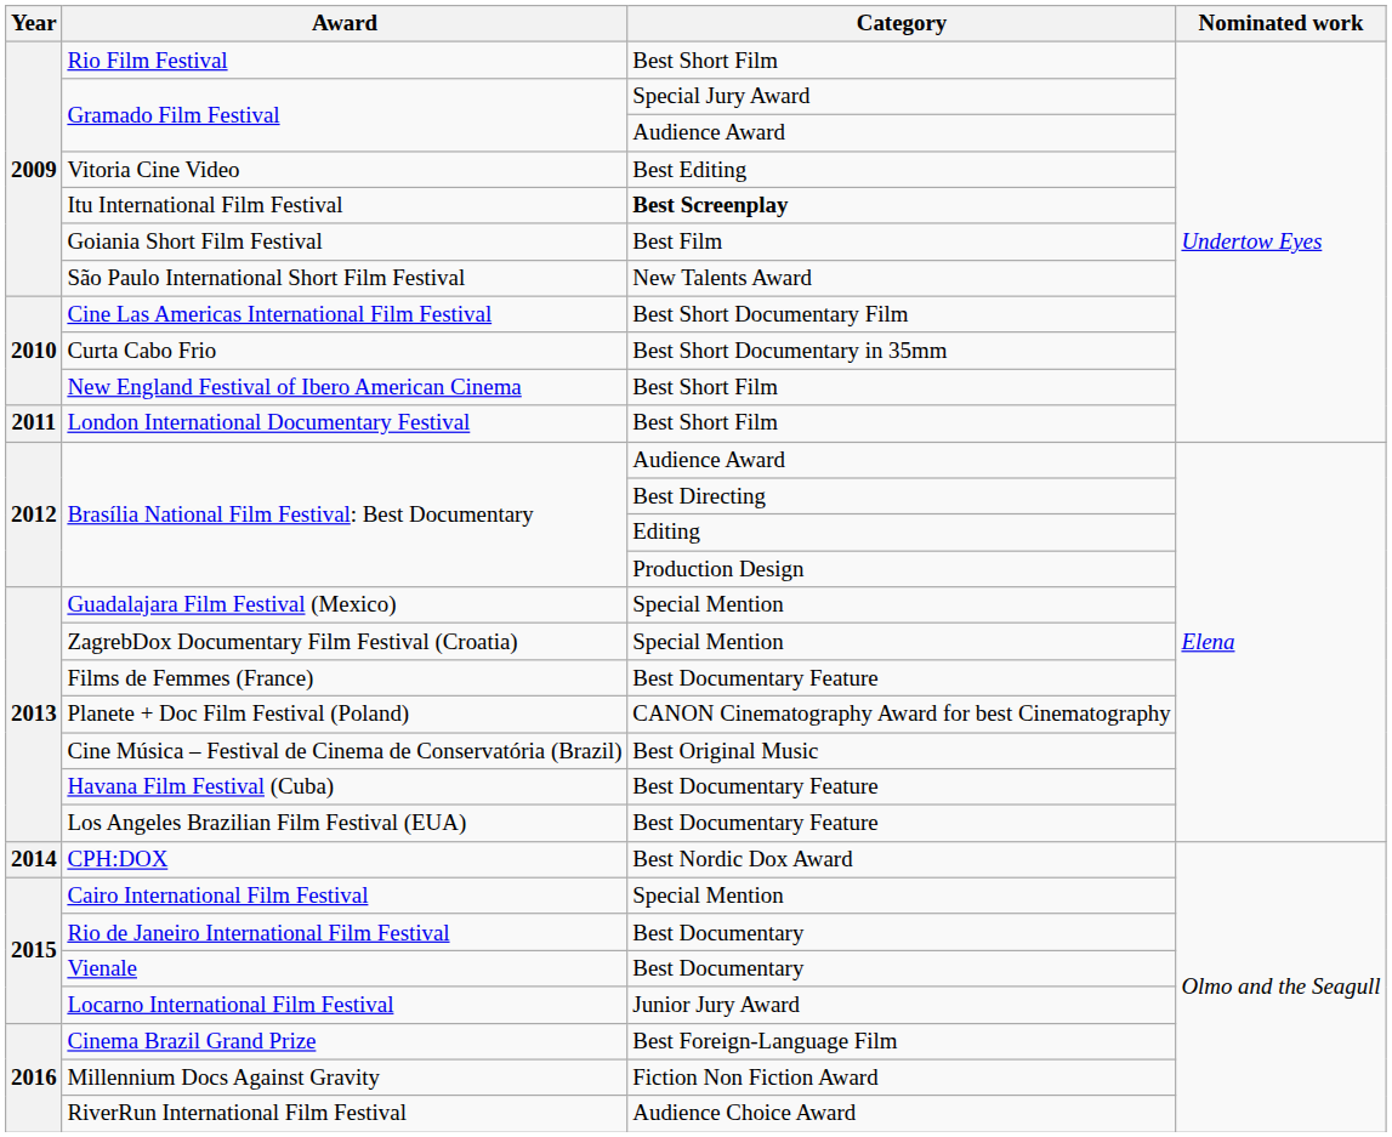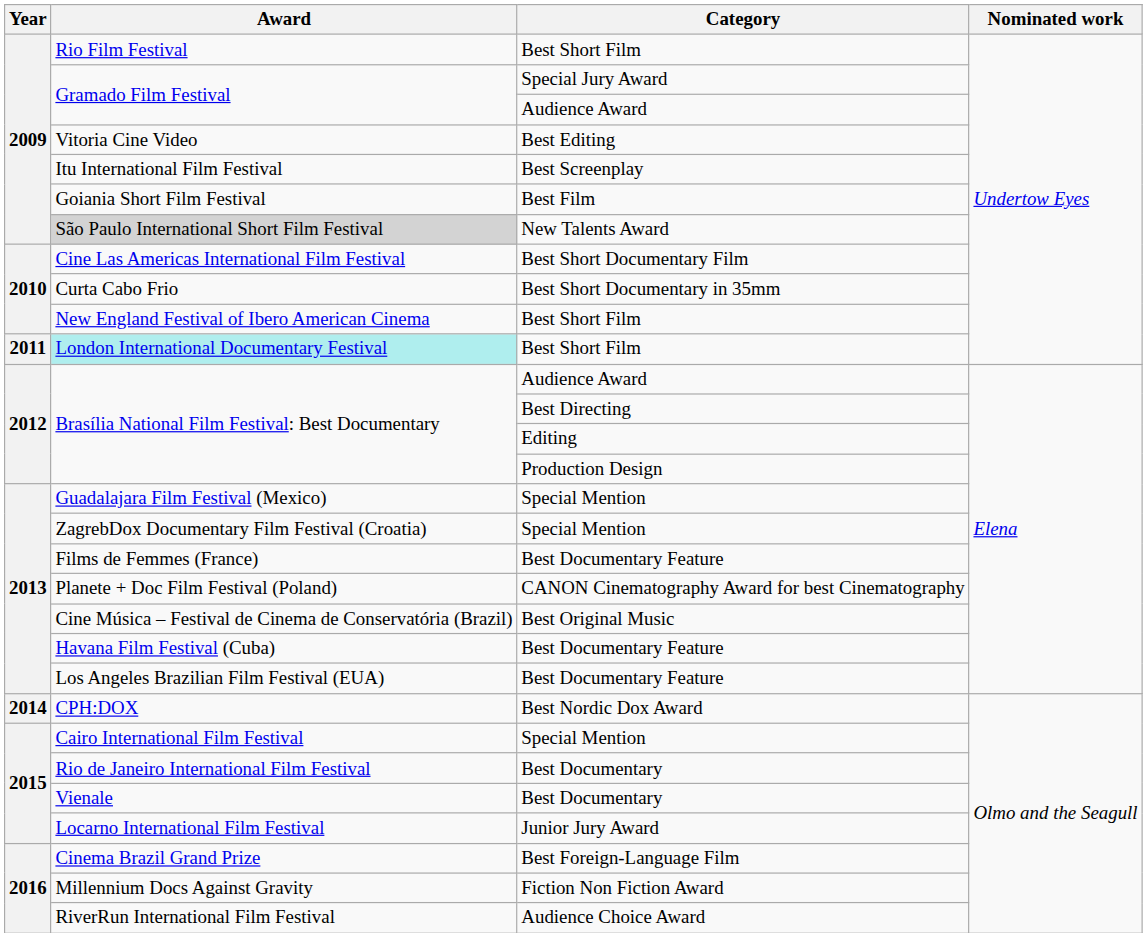 <table class="wikitable">
 <tr>
 <th>Year</th>
 <th>Award</th>
 <th>Category</th>
 <th>Nominated work</th>
 </tr>
 <tr>
 <th rowspan="7">2009</th>
 <td><a href='#'>Rio Film Festival</a></td>
 <td>Best Short Film</td>
 <td rowspan=11><em><a href='#'>Undertow Eyes</a></em></td>
 </tr>
 <tr>
 <td rowspan=2><a href='#'>Gramado Film Festival</a></td>
 <td>Special Jury Award</td>
 </tr>
 <tr>
 <td>Audience Award</td>
 </tr>
 <tr>
 <td>Vitoria Cine Video</td>
 <td>Best Editing</td>
 </tr>
 <tr>
 <td>Itu International Film Festival</td>
-<td><strong>Best Screenplay</strong></td>
+<td>Best Screenplay</td>
 </tr>
 <tr>
 <td>Goiania Short Film Festival</td>
 <td>Best Film</td>
 </tr>
 <tr>
-<td>São Paulo International Short Film Festival</td>
+<td style="background: lightgrey;">São Paulo International Short Film Festival</td>
 <td>New Talents Award</td>
 </tr>
 <tr>
 <th rowspan="3">2010</th>
 <td><a href='#'>Cine Las Americas International Film Festival</a></td>
 <td>Best Short Documentary Film</td>
 </tr>
 <tr>
 <td>Curta Cabo Frio</td>
 <td>Best Short Documentary in 35mm</td>
 </tr>
 <tr>
 <td><a href='#'>New England Festival of Ibero American Cinema</a></td>
 <td>Best Short Film</td>
 </tr>
 <tr>
 <th>2011</th>
-<td><a href='#'>London International Documentary Festival</a></td>
+<td style="background: paleturquoise;"><a href='#'>London International Documentary Festival</a></td>
 <td>Best Short Film</td>
 </tr>
 <tr>
 <th rowspan="4">2012</th>
 <td rowspan="4"><a href='#'>Brasília National Film Festival</a>: Best Documentary</td>
 <td>Audience Award</td>
 <td rowspan=11><a href='#'><em>Elena</em></a></td>
 </tr>
 <tr>
 <td>Best Directing</td>
 </tr>
 <tr>
 <td>Editing</td>
 </tr>
 <tr>
 <td>Production Design</td>
 </tr>
 <tr>
 <th rowspan="7">2013</th>
 <td><a href='#'>Guadalajara Film Festival</a> (Mexico)</td>
 <td>Special Mention</td>
 </tr>
 <tr>
 <td>ZagrebDox Documentary Film Festival (Croatia)</td>
 <td>Special Mention</td>
 </tr>
 <tr>
 <td>Films de Femmes (France)</td>
 <td>Best Documentary Feature</td>
 </tr>
 <tr>
 <td>Planete + Doc Film Festival (Poland)</td>
 <td>CANON Cinematography Award for best Cinematography</td>
 </tr>
 <tr>
 <td>Cine Música – Festival de Cinema de Conservatória (Brazil)</td>
 <td>Best Original Music</td>
 </tr>
 <tr>
 <td><a href='#'>Havana Film Festival</a> (Cuba)</td>
 <td>Best Documentary Feature</td>
 </tr>
 <tr>
 <td>Los Angeles Brazilian Film Festival (EUA)</td>
 <td>Best Documentary Feature</td>
 </tr>
 <tr>
 <th>2014</th>
 <td><a href='#'>CPH:DOX</a></td>
 <td>Best Nordic Dox Award</td>
 <td rowspan="8"><em>Olmo and the Seagull</em></td>
 </tr>
 <tr>
 <th rowspan="4">2015</th>
 <td><a href='#'>Cairo International Film Festival</a></td>
 <td>Special Mention</td>
 </tr>
 <tr>
 <td><a href='#'>Rio de Janeiro International Film Festival</a></td>
 <td>Best Documentary</td>
 </tr>
 <tr>
 <td><a href='#'>Vienale</a></td>
 <td>Best Documentary</td>
 </tr>
 <tr>
 <td><a href='#'>Locarno International Film Festival</a></td>
 <td>Junior Jury Award</td>
 </tr>
 <tr>
 <th rowspan="3">2016</th>
 <td><a href='#'>Cinema Brazil Grand Prize</a></td>
 <td>Best Foreign-Language Film</td>
 </tr>
 <tr>
 <td>Millennium Docs Against Gravity</td>
 <td>Fiction Non Fiction Award</td>
 </tr>
 <tr>
 <td>RiverRun International Film Festival</td>
 <td>Audience Choice Award</td>
 </tr>
 </table>
